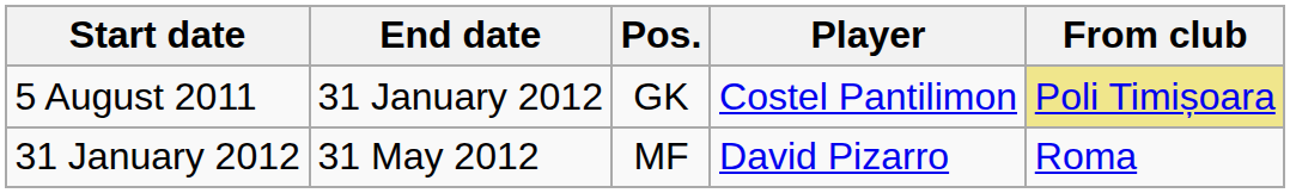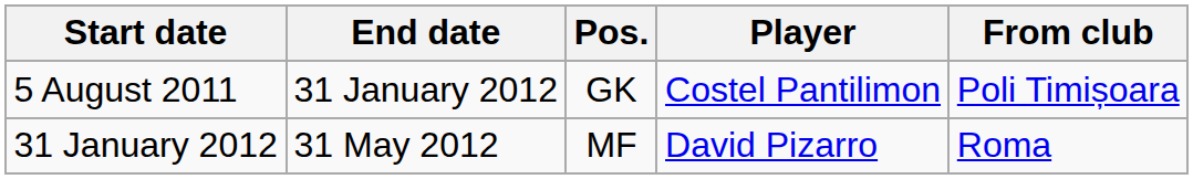 <table class="wikitable">
 <tr>
 </tr>
 <tr>
 <th>Start date</th>
 <th>End date</th>
 <th>Pos.</th>
 <th>Player</th>
 <th>From club</th>
 </tr>
 <tr>
 <td>5 August 2011</td>
 <td>31 January 2012</td>
 <td style="text-align:center;">GK</td>
 <td> <a href='#'>Costel Pantilimon</a></td>
-<td style="background: khaki;"> <a href='#'>Poli Timișoara</a></td>
+<td> <a href='#'>Poli Timișoara</a></td>
 </tr>
 <tr>
 <td>31 January 2012</td>
 <td>31 May 2012</td>
 <td style="text-align:center;">MF</td>
 <td> <a href='#'>David Pizarro</a></td>
 <td> <a href='#'>Roma</a></td>
 </tr>
 </table>
